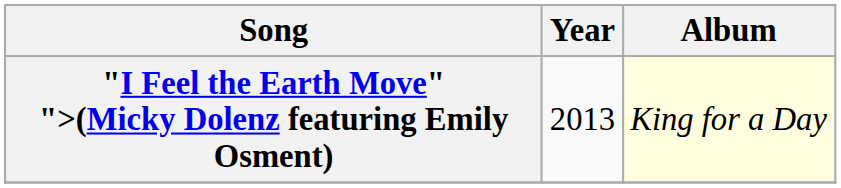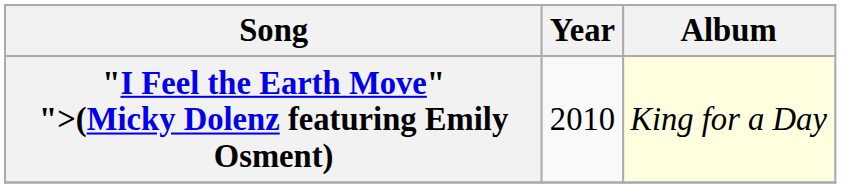 <table class="wikitable plainrowheaders" style="text-align:center;">
 <tr>
 <th scope="col" style="width:16em;">Song</th>
 <th scope="col">Year</th>
 <th scope="col">Album</th>
 </tr>
 <tr>
 <th scope="row">"<a href='#'>I Feel the Earth Move</a>"<br><span>">(<a href='#'>Micky Dolenz</a> featuring Emily Osment)</span></th>
-<td>2013</td>
+<td>2010</td>
 <td style="background: lightyellow;"><em>King for a Day</em></td>
 </tr>
 <tr>
 </tr>
 </table>
